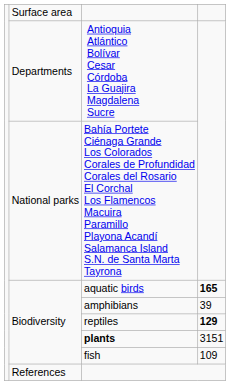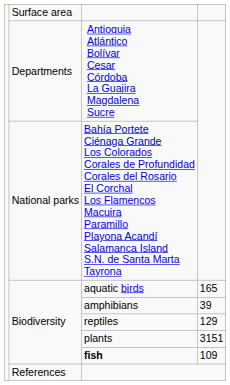 <table class="wikitable sortable mw-collapsible">
 <tr>
 <td rowspan=9></td>
 <td>Surface area</td>
 <td></td>
 <td></td>
 </tr>
 <tr>
 <td>Departments</td>
 <td> <a href='#'>Antioquia</a><br> <a href='#'>Atlántico</a><br> <a href='#'>Bolívar</a><br> <a href='#'>Cesar</a><br> <a href='#'>Córdoba</a><br> <a href='#'>La Guajira</a><br> <a href='#'>Magdalena</a><br> <a href='#'>Sucre</a></td>
 <td rowspan=2></td>
 </tr>
 <tr>
 <td>National parks</td>
 <td><a href='#'>Bahía Portete</a><br><a href='#'>Ciénaga Grande</a><br><a href='#'>Los Colorados</a><br><a href='#'>Corales de Profundidad</a><br><a href='#'>Corales del Rosario</a><br><a href='#'>El Corchal</a><br><a href='#'>Los Flamencos</a><br><a href='#'>Macuira</a><br><a href='#'>Paramillo</a><br><a href='#'>Playona Acandí</a><br><a href='#'>Salamanca Island</a><br><a href='#'>S.N. de Santa Marta</a><br><a href='#'>Tayrona</a></td>
 </tr>
 <tr>
 <td rowspan=5>Biodiversity</td>
 <td>aquatic <a href='#'>birds</a></td>
-<td><strong>165</strong></td>
+<td>165</td>
 </tr>
 <tr>
 <td>amphibians</td>
 <td>39</td>
 </tr>
 <tr>
 <td>reptiles</td>
-<td><strong>129</strong></td>
+<td>129</td>
 </tr>
 <tr>
-<td><strong>plants</strong></td>
+<td>plants</td>
 <td>3151</td>
 </tr>
 <tr>
-<td>fish</td>
+<td><strong>fish</strong></td>
 <td>109</td>
 </tr>
 <tr>
 <td>References</td>
 <td colspan=2></td>
 </tr>
 </table>
